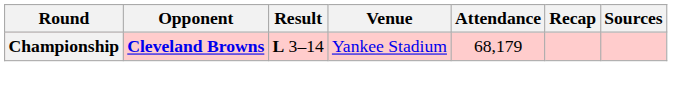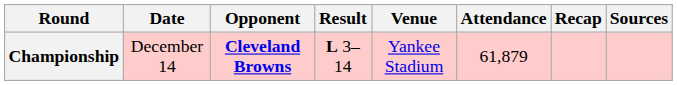 <table class="wikitable" style="text-align:center">
 <tr>
 <th>Round</th>
+<th>Date</th>
 <th>Opponent</th>
 <th>Result</th>
 <th>Venue</th>
 <th>Attendance</th>
 <th>Recap</th>
 <th>Sources</th>
 </tr>
 <tr style="background: #fcc;">
 <th>Championship</th>
+<td>December 14</td>
 <td><strong><a href='#'>Cleveland Browns</a></strong></td>
 <td><strong>L</strong> 3–14</td>
 <td><a href='#'>Yankee Stadium</a></td>
-<td>68,179</td>
+<td>61,879</td>
 <td></td>
 <td></td>
 </tr>
 </table>
